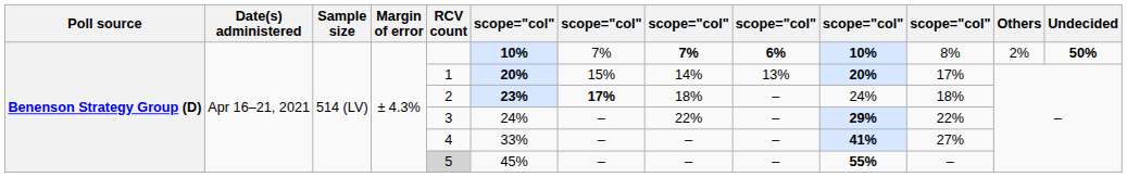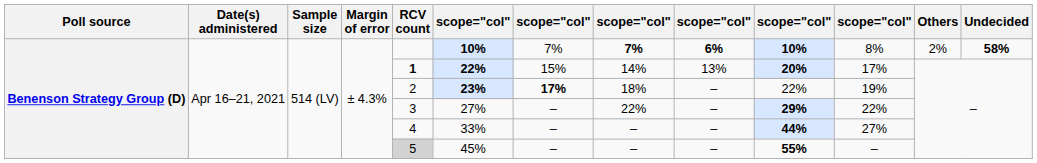 <table class="wikitable plainrowheaders" style="text-align:center; font-size:90%;">
 <tr>
 <th scope="col">Poll source</th>
 <th scope="col">Date(s)<br>administered</th>
 <th scope="col">Sample<br>size</th>
 <th scope="col">Margin<br>of error</th>
 <th scope="col">RCV<br>count</th>
 <th>scope="col" </th>
 <th>scope="col" </th>
 <th>scope="col" </th>
 <th>scope="col" </th>
 <th>scope="col" </th>
 <th>scope="col" </th>
 <th scope="col">Others</th>
 <th scope="col">Undecided</th>
 </tr>
 <tr>
 <th scope="row" rowspan="6"><a href='#'>Benenson Strategy Group</a> (D)</th>
 <td rowspan="6">Apr 16–21, 2021</td>
 <td rowspan="6">514 (LV)</td>
 <td rowspan="6">± 4.3%</td>
 <td></td>
 <td style="background:#d7e7ff"><strong>10%</strong></td>
 <td>7%</td>
 <td><strong>7%</strong></td>
 <td><strong>6%</strong></td>
 <td style="background:#d7e7ff"><strong>10%</strong></td>
 <td>8%</td>
 <td>2%</td>
-<td><strong>50%</strong></td>
+<td><strong>58%</strong></td>
 </tr>
 <tr>
-<td>1</td>
-<td style="background:#d7e7ff"><strong>20%</strong></td>
+<td><strong>1</strong></td>
+<td style="background:#d7e7ff"><strong>22%</strong></td>
 <td>15%</td>
 <td>14%</td>
 <td>13%</td>
 <td style="background:#d7e7ff"><strong>20%</strong></td>
 <td>17%</td>
 <td rowspan="5" colspan="2">–</td>
 </tr>
 <tr>
 <td>2</td>
 <td style="background:#d7e7ff"><strong>23%</strong></td>
 <td><strong>17%</strong></td>
 <td>18%</td>
 <td>–</td>
-<td>24%</td>
-<td>18%</td>
+<td>22%</td>
+<td>19%</td>
 </tr>
 <tr>
 <td>3</td>
-<td>24%</td>
+<td>27%</td>
 <td>–</td>
 <td>22%</td>
 <td>–</td>
 <td style="background:#d7e7ff"><strong>29%</strong></td>
 <td>22%</td>
 </tr>
 <tr>
 <td>4</td>
 <td>33%</td>
 <td>–</td>
 <td>–</td>
 <td>–</td>
-<td style="background:#d7e7ff"><strong>41%</strong></td>
+<td style="background:#d7e7ff"><strong>44%</strong></td>
 <td>27%</td>
 </tr>
 <tr>
 <td style="background: lightgrey;">5</td>
 <td>45%</td>
 <td>–</td>
 <td>–</td>
 <td>–</td>
 <td><strong>55%</strong></td>
 <td>–</td>
 </tr>
 </table>
